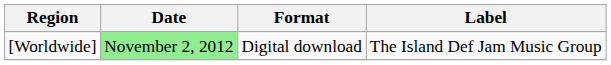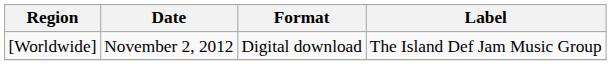 <table class=wikitable>
 <tr>
 <th>Region</th>
 <th>Date</th>
 <th>Format</th>
 <th>Label</th>
 </tr>
 <tr>
 <td>[Worldwide]</td>
-<td style="background: lightgreen;">November 2, 2012</td>
+<td>November 2, 2012</td>
 <td>Digital download</td>
 <td>The Island Def Jam Music Group</td>
 </tr>
 <tr>
 </tr>
 </table>
